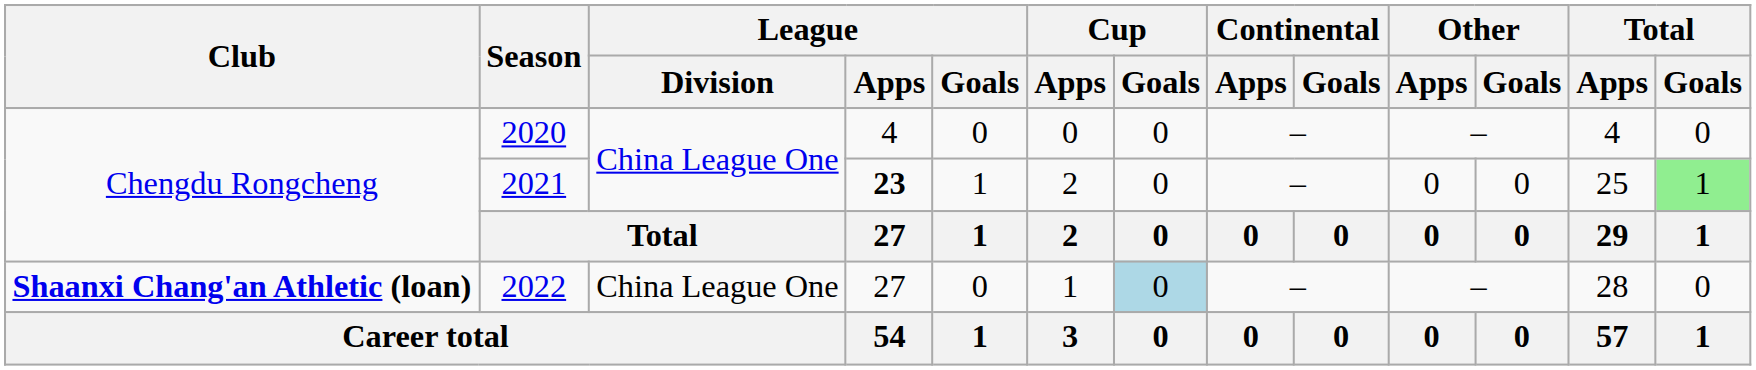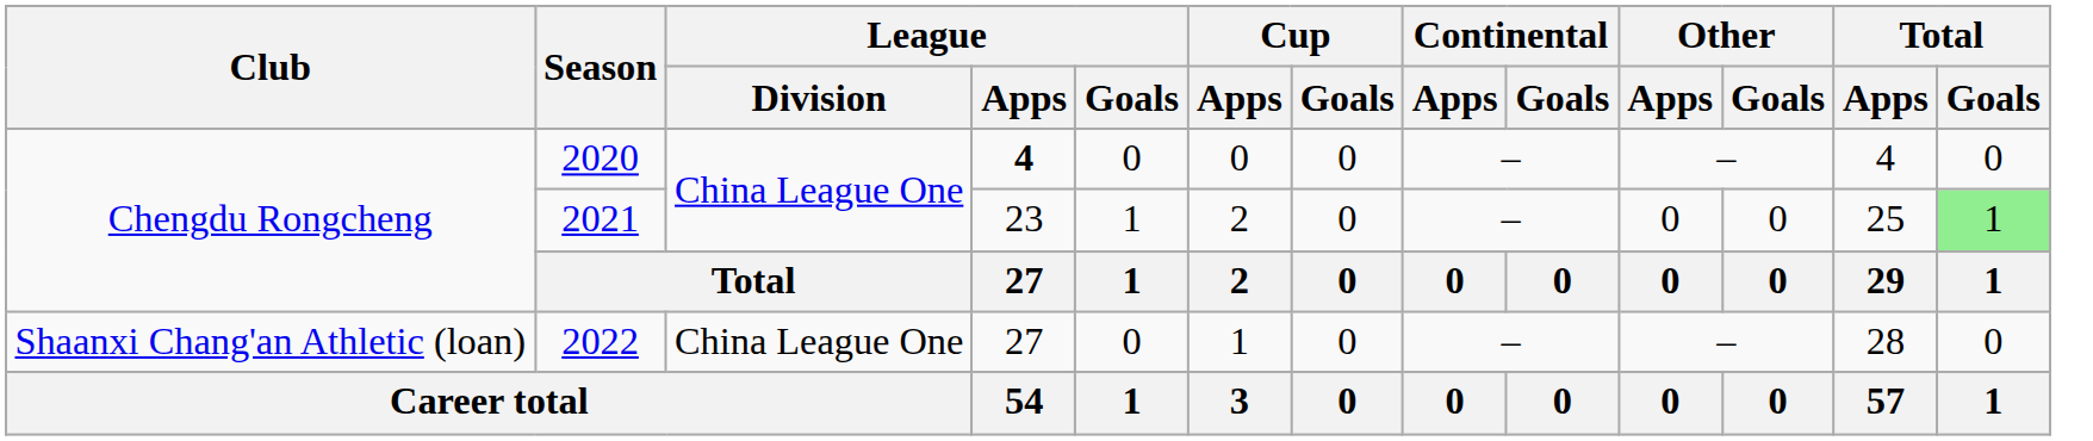 <table class="wikitable" style="text-align: center">
 <tr>
 <th rowspan="2">Club</th>
 <th rowspan="2">Season</th>
 <th colspan="3">League</th>
 <th colspan="2">Cup</th>
 <th colspan="2">Continental</th>
 <th colspan="2">Other</th>
 <th colspan="2">Total</th>
 </tr>
 <tr>
 <th>Division</th>
 <th>Apps</th>
 <th>Goals</th>
 <th>Apps</th>
 <th>Goals</th>
 <th>Apps</th>
 <th>Goals</th>
 <th>Apps</th>
 <th>Goals</th>
 <th>Apps</th>
 <th>Goals</th>
 </tr>
 <tr>
 <td rowspan=3><a href='#'>Chengdu Rongcheng</a></td>
 <td><a href='#'>2020</a></td>
 <td rowspan="2"><a href='#'>China League One</a></td>
-<td>4</td>
+<td><strong>4</strong></td>
 <td>0</td>
 <td>0</td>
 <td>0</td>
 <td colspan="2">–</td>
 <td colspan="2">–</td>
 <td>4</td>
 <td>0</td>
 </tr>
 <tr>
 <td><a href='#'>2021</a></td>
-<td><strong>23</strong></td>
+<td>23</td>
 <td>1</td>
 <td>2</td>
 <td>0</td>
 <td colspan="2">–</td>
 <td>0</td>
 <td>0</td>
 <td>25</td>
 <td style="background: lightgreen;">1</td>
 </tr>
 <tr>
 <th colspan="2">Total</th>
 <th>27</th>
 <th>1</th>
 <th>2</th>
 <th>0</th>
 <th>0</th>
 <th>0</th>
 <th>0</th>
 <th>0</th>
 <th>29</th>
 <th>1</th>
 </tr>
 <tr>
-<td><strong><a href='#'>Shaanxi Chang'an Athletic</a> (loan)</strong></td>
+<td><a href='#'>Shaanxi Chang'an Athletic</a> (loan)</td>
 <td><a href='#'>2022</a></td>
 <td>China League One</td>
 <td>27</td>
 <td>0</td>
 <td>1</td>
-<td style="background: lightblue;">0</td>
+<td>0</td>
 <td colspan="2">–</td>
 <td colspan="2">–</td>
 <td>28</td>
 <td>0</td>
 </tr>
 <tr>
 <th colspan=3>Career total</th>
 <th>54</th>
 <th>1</th>
 <th>3</th>
 <th>0</th>
 <th>0</th>
 <th>0</th>
 <th>0</th>
 <th>0</th>
 <th>57</th>
 <th>1</th>
 </tr>
 </table>
